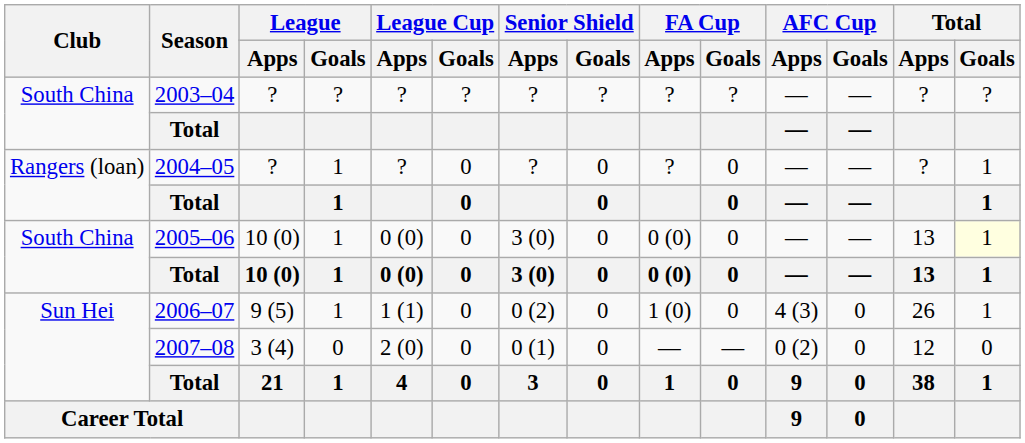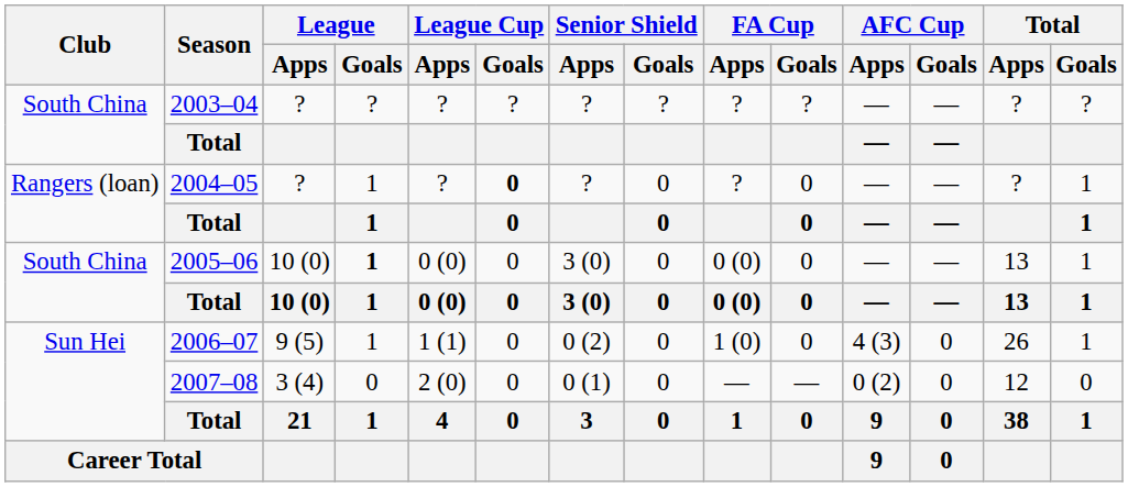 <table class="wikitable" style="text-align: center;">
 <tr>
 <th rowspan="2">Club</th>
 <th rowspan="2">Season</th>
 <th colspan="2"><a href='#'>League</a></th>
 <th colspan="2"><a href='#'>League Cup</a></th>
 <th colspan="2"><a href='#'>Senior Shield</a></th>
 <th colspan="2"><a href='#'>FA Cup</a></th>
 <th colspan="2"><a href='#'>AFC Cup</a></th>
 <th colspan="2">Total</th>
 </tr>
 <tr>
 <th>Apps</th>
 <th>Goals</th>
 <th>Apps</th>
 <th>Goals</th>
 <th>Apps</th>
 <th>Goals</th>
 <th>Apps</th>
 <th>Goals</th>
 <th>Apps</th>
 <th>Goals</th>
 <th>Apps</th>
 <th>Goals</th>
 </tr>
 <tr>
 <td rowspan="2" valign="top"><a href='#'>South China</a></td>
 <td><a href='#'>2003–04</a></td>
 <td>?</td>
 <td>?</td>
 <td>?</td>
 <td>?</td>
 <td>?</td>
 <td>?</td>
 <td>?</td>
 <td>?</td>
 <td>—</td>
 <td>—</td>
 <td>?</td>
 <td>?</td>
 </tr>
 <tr>
 <th>Total</th>
 <th></th>
 <th></th>
 <th></th>
 <th></th>
 <th></th>
 <th></th>
 <th></th>
 <th></th>
 <th>—</th>
 <th>—</th>
 <th></th>
 <th></th>
 </tr>
 <tr>
 <td rowspan="2" valign="top"><a href='#'>Rangers</a> (loan)</td>
 <td><a href='#'>2004–05</a></td>
 <td>?</td>
 <td>1</td>
 <td>?</td>
-<td>0</td>
+<td><strong>0</strong></td>
 <td>?</td>
 <td>0</td>
 <td>?</td>
 <td>0</td>
 <td>—</td>
 <td>—</td>
 <td>?</td>
 <td>1</td>
 </tr>
 <tr>
 <th>Total</th>
 <th></th>
 <th>1</th>
 <th></th>
 <th>0</th>
 <th></th>
 <th>0</th>
 <th></th>
 <th>0</th>
 <th>—</th>
 <th>—</th>
 <th></th>
 <th>1</th>
 </tr>
 <tr>
 <td rowspan="2" valign="top"><a href='#'>South China</a></td>
 <td><a href='#'>2005–06</a></td>
 <td>10 (0)</td>
-<td>1</td>
+<td><strong>1</strong></td>
 <td>0 (0)</td>
 <td>0</td>
 <td>3 (0)</td>
 <td>0</td>
 <td>0 (0)</td>
 <td>0</td>
 <td>—</td>
 <td>—</td>
 <td>13</td>
-<td style="background: lightyellow;">1</td>
+<td>1</td>
 </tr>
 <tr>
 <th>Total</th>
 <th>10 (0)</th>
 <th>1</th>
 <th>0 (0)</th>
 <th>0</th>
 <th>3 (0)</th>
 <th>0</th>
 <th>0 (0)</th>
 <th>0</th>
 <th>—</th>
 <th>—</th>
 <th>13</th>
 <th>1</th>
 </tr>
 <tr>
 <td rowspan="3" valign="top"><a href='#'>Sun Hei</a></td>
 <td><a href='#'>2006–07</a></td>
 <td>9 (5)</td>
 <td>1</td>
 <td>1 (1)</td>
 <td>0</td>
 <td>0 (2)</td>
 <td>0</td>
 <td>1 (0)</td>
 <td>0</td>
 <td>4 (3)</td>
 <td>0</td>
 <td>26</td>
 <td>1</td>
 </tr>
 <tr>
 <td><a href='#'>2007–08</a></td>
 <td>3 (4)</td>
 <td>0</td>
 <td>2 (0)</td>
 <td>0</td>
 <td>0 (1)</td>
 <td>0</td>
 <td>—</td>
 <td>—</td>
 <td>0 (2)</td>
 <td>0</td>
 <td>12</td>
 <td>0</td>
 </tr>
 <tr>
 <th>Total</th>
 <th>21</th>
 <th>1</th>
 <th>4</th>
 <th>0</th>
 <th>3</th>
 <th>0</th>
 <th>1</th>
 <th>0</th>
 <th>9</th>
 <th>0</th>
 <th>38</th>
 <th>1</th>
 </tr>
 <tr>
 <th colspan="2">Career Total</th>
 <th></th>
 <th></th>
 <th></th>
 <th></th>
 <th></th>
 <th></th>
 <th></th>
 <th></th>
 <th>9</th>
 <th>0</th>
 <th></th>
 <th></th>
 </tr>
 </table>
